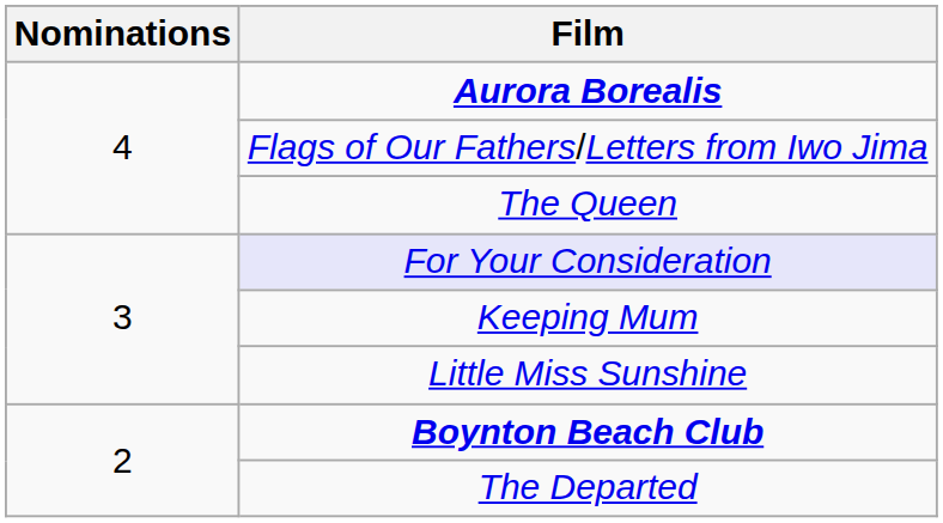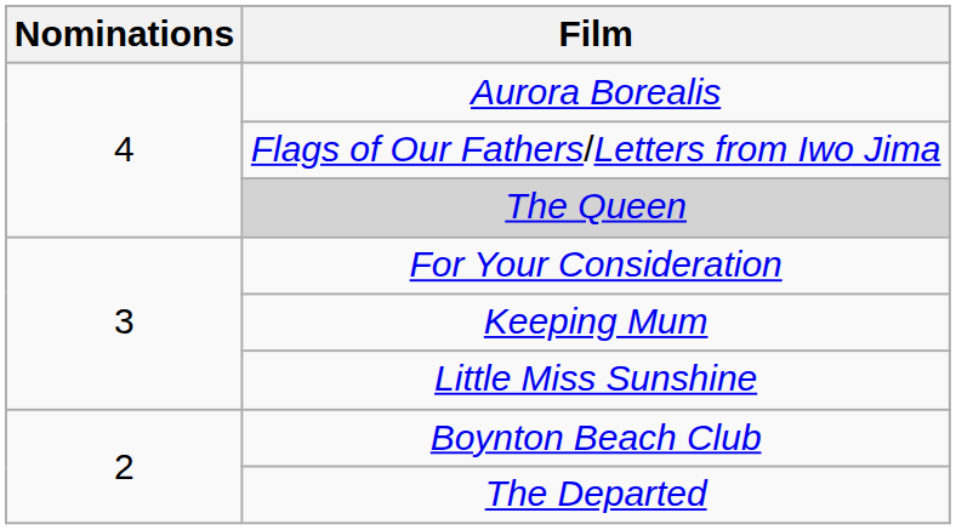 <table class="wikitable plainrowheaders" style="text-align:center;">
 <tr>
 <th scope="col" style="width:55px;">Nominations</th>
 <th scope="col" style="text-align:center;">Film</th>
 </tr>
 <tr>
 <td scope=row rowspan=3 style="text-align:center;">4</td>
-<td><strong><em><a href='#'>Aurora Borealis</a></em></strong></td>
+<td><em><a href='#'>Aurora Borealis</a></em></td>
 </tr>
 <tr>
 <td><em><a href='#'>Flags of Our Fathers</a></em>/<em><a href='#'>Letters from Iwo Jima</a></em></td>
 </tr>
 <tr>
-<td><em><a href='#'>The Queen</a></em></td>
+<td style="background: lightgrey;"><em><a href='#'>The Queen</a></em></td>
 </tr>
 <tr>
 <td scope=row rowspan=3 style="text-align:center;">3</td>
-<td style="background: lavender;"><em><a href='#'>For Your Consideration</a></em></td>
+<td><em><a href='#'>For Your Consideration</a></em></td>
 </tr>
 <tr>
 <td><em><a href='#'>Keeping Mum</a></em></td>
 </tr>
 <tr>
 <td><em><a href='#'>Little Miss Sunshine</a></em></td>
 </tr>
 <tr>
 <td scope=row rowspan=2 style="text-align:center;">2</td>
-<td><strong><em><a href='#'>Boynton Beach Club</a></em></strong></td>
+<td><em><a href='#'>Boynton Beach Club</a></em></td>
 </tr>
 <tr>
 <td><em><a href='#'>The Departed</a></em></td>
 </tr>
 </table>
